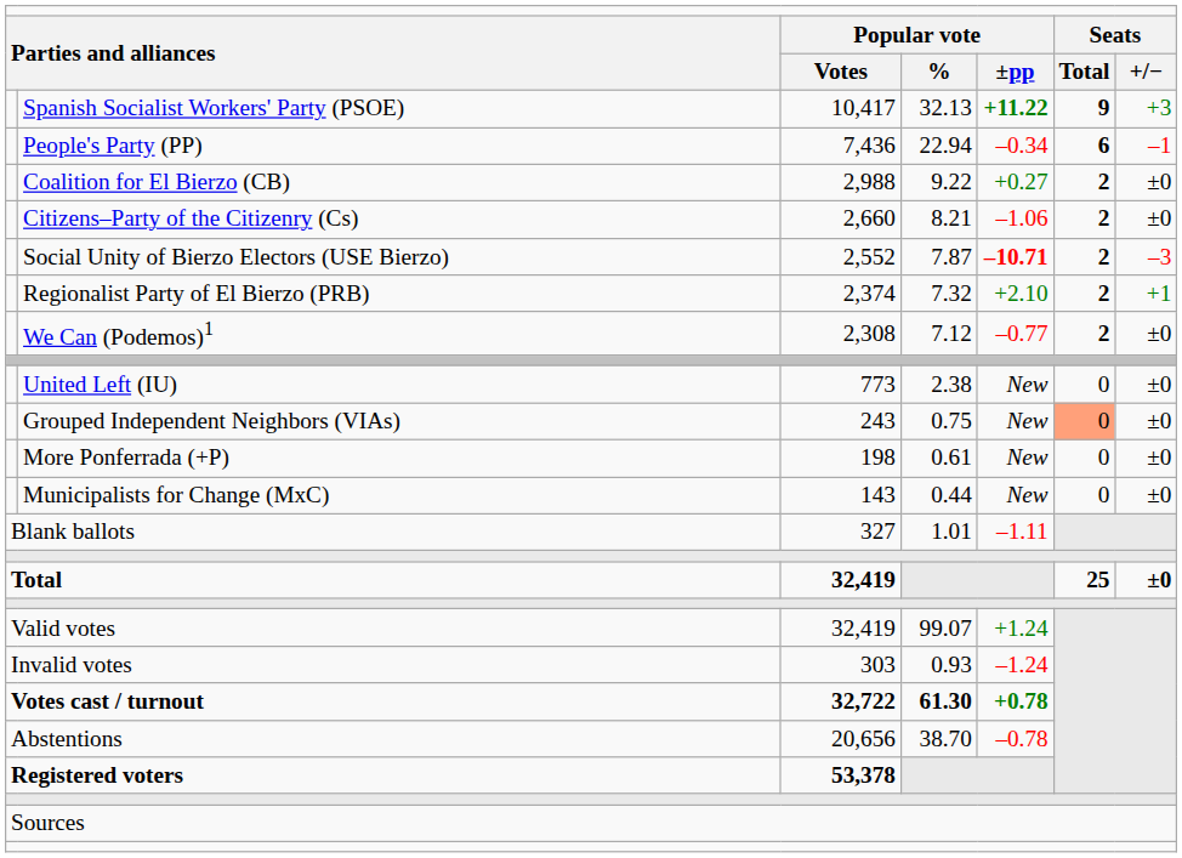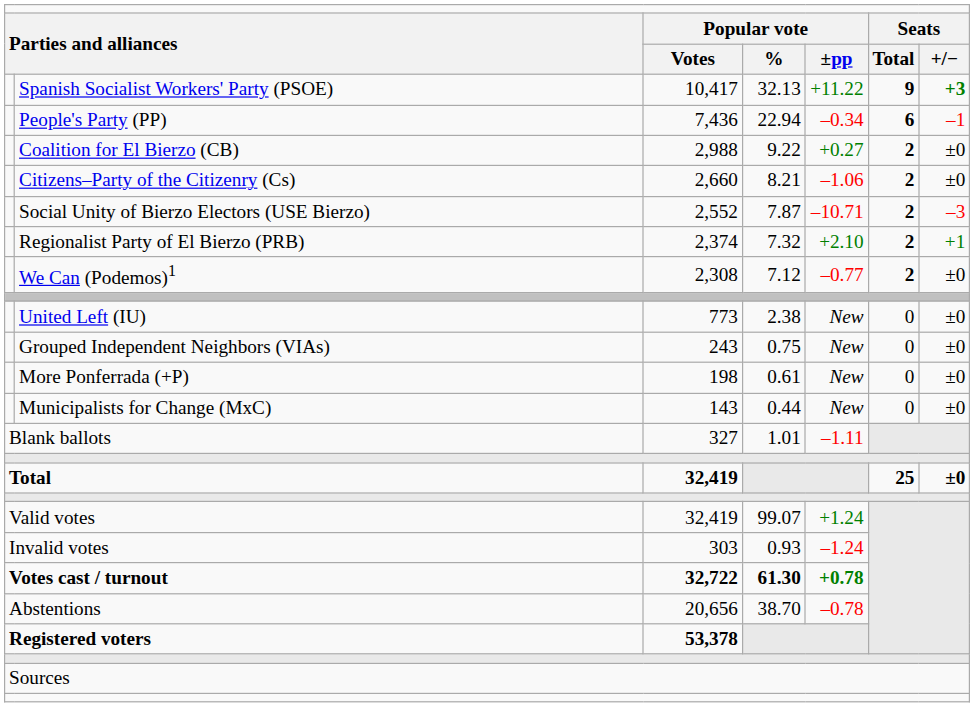 <table class="wikitable" style="text-align:right;">
 <tr>
 <td colspan="7"></td>
 </tr>
 <tr>
 <th style="text-align:left;" rowspan="2" colspan="2" width="525">Parties and alliances</th>
 <th colspan="3">Popular vote</th>
 <th colspan="2">Seats</th>
 </tr>
 <tr>
 <th width="75">Votes</th>
 <th width="45">%</th>
 <th width="45">±<a href='#'>pp</a></th>
 <th width="35">Total</th>
 <th width="35">+/−</th>
 </tr>
 <tr>
 <td width="1" style="color:inherit;background:"></td>
 <td align="left"><a href='#'>Spanish Socialist Workers' Party</a> (PSOE)</td>
 <td>10,417</td>
 <td>32.13</td>
-<td style="color:green;"><strong>+11.22</strong></td>
+<td style="color:green;">+11.22</td>
 <td><strong>9</strong></td>
-<td style="color:green;">+3</td>
+<td style="color:green;"><strong>+3</strong></td>
 </tr>
 <tr>
 <td style="color:inherit;background:"></td>
 <td align="left"><a href='#'>People's Party</a> (PP)</td>
 <td>7,436</td>
 <td>22.94</td>
 <td style="color:red;">–0.34</td>
 <td><strong>6</strong></td>
 <td style="color:red;">–1</td>
 </tr>
 <tr>
 <td style="color:inherit;background:"></td>
 <td align="left"><a href='#'>Coalition for El Bierzo</a> (CB)</td>
 <td>2,988</td>
 <td>9.22</td>
 <td style="color:green;">+0.27</td>
 <td><strong>2</strong></td>
 <td>±0</td>
 </tr>
 <tr>
 <td style="color:inherit;background:"></td>
 <td align="left"><a href='#'>Citizens–Party of the Citizenry</a> (Cs)</td>
 <td>2,660</td>
 <td>8.21</td>
 <td style="color:red;">–1.06</td>
 <td><strong>2</strong></td>
 <td>±0</td>
 </tr>
 <tr>
 <td style="color:inherit;background:"></td>
 <td align="left">Social Unity of Bierzo Electors (USE Bierzo)</td>
 <td>2,552</td>
 <td>7.87</td>
-<td style="color:red;"><strong>–10.71</strong></td>
+<td style="color:red;">–10.71</td>
 <td><strong>2</strong></td>
 <td style="color:red;">–3</td>
 </tr>
 <tr>
 <td style="color:inherit;background:"></td>
 <td align="left">Regionalist Party of El Bierzo (PRB)</td>
 <td>2,374</td>
 <td>7.32</td>
 <td style="color:green;">+2.10</td>
 <td><strong>2</strong></td>
 <td style="color:green;">+1</td>
 </tr>
 <tr>
 <td style="color:inherit;background:"></td>
 <td align="left"><a href='#'>We Can</a> (Podemos)<sup>1</sup></td>
 <td>2,308</td>
 <td>7.12</td>
 <td style="color:red;">–0.77</td>
 <td><strong>2</strong></td>
 <td>±0</td>
 </tr>
 <tr>
 <td colspan="7" bgcolor="#C0C0C0"></td>
 </tr>
 <tr>
 <td style="color:inherit;background:"></td>
 <td align="left"><a href='#'>United Left</a> (IU)</td>
 <td>773</td>
 <td>2.38</td>
 <td><em>New</em></td>
 <td>0</td>
 <td>±0</td>
 </tr>
 <tr>
 <td style="color:inherit;background:"></td>
 <td align="left">Grouped Independent Neighbors (VIAs)</td>
 <td>243</td>
 <td>0.75</td>
 <td><em>New</em></td>
-<td style="background: lightsalmon;">0</td>
+<td>0</td>
 <td>±0</td>
 </tr>
 <tr>
 <td style="color:inherit;background:"></td>
 <td align="left">More Ponferrada (+P)</td>
 <td>198</td>
 <td>0.61</td>
 <td><em>New</em></td>
 <td>0</td>
 <td>±0</td>
 </tr>
 <tr>
 <td style="color:inherit;background:"></td>
 <td align="left">Municipalists for Change (MxC)</td>
 <td>143</td>
 <td>0.44</td>
 <td><em>New</em></td>
 <td>0</td>
 <td>±0</td>
 </tr>
 <tr>
 <td align="left" colspan="2">Blank ballots</td>
 <td>327</td>
 <td>1.01</td>
 <td style="color:red;">–1.11</td>
 <td bgcolor="#E9E9E9" colspan="2"></td>
 </tr>
 <tr>
 <td colspan="7" bgcolor="#E9E9E9"></td>
 </tr>
 <tr style="font-weight:bold;">
 <td align="left" colspan="2">Total</td>
 <td>32,419</td>
 <td bgcolor="#E9E9E9" colspan="2"></td>
 <td>25</td>
 <td>±0</td>
 </tr>
 <tr>
 <td colspan="7" bgcolor="#E9E9E9"></td>
 </tr>
 <tr>
 <td align="left" colspan="2">Valid votes</td>
 <td>32,419</td>
 <td>99.07</td>
 <td style="color:green;">+1.24</td>
 <td bgcolor="#E9E9E9" colspan="2" rowspan="5"></td>
 </tr>
 <tr>
 <td align="left" colspan="2">Invalid votes</td>
 <td>303</td>
 <td>0.93</td>
 <td style="color:red;">–1.24</td>
 </tr>
 <tr style="font-weight:bold;">
 <td align="left" colspan="2">Votes cast / turnout</td>
 <td>32,722</td>
 <td>61.30</td>
 <td style="color:green;">+0.78</td>
 </tr>
 <tr>
 <td align="left" colspan="2">Abstentions</td>
 <td>20,656</td>
 <td>38.70</td>
 <td style="color:red;">–0.78</td>
 </tr>
 <tr style="font-weight:bold;">
 <td align="left" colspan="2">Registered voters</td>
 <td>53,378</td>
 <td bgcolor="#E9E9E9" colspan="2"></td>
 </tr>
 <tr>
 <td colspan="7" bgcolor="#E9E9E9"></td>
 </tr>
 <tr>
 <td align="left" colspan="7">Sources</td>
 </tr>
 <tr>
 <td colspan="7" style="text-align:left; max-width:790px;"></td>
 </tr>
 </table>
